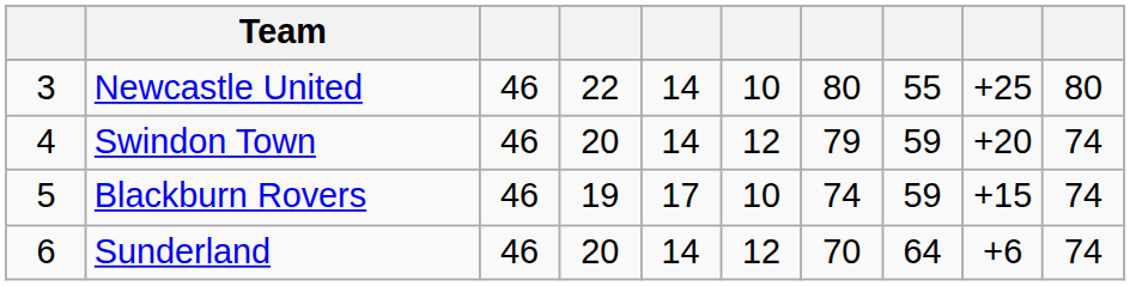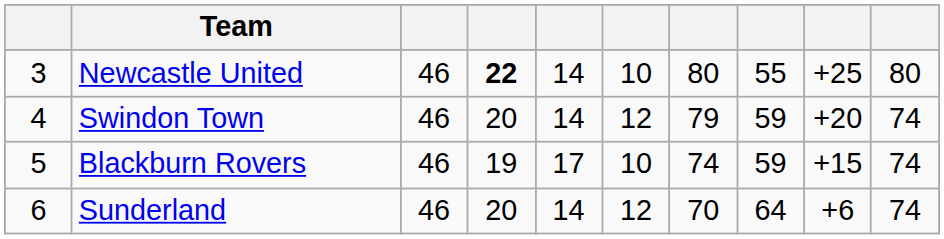 <table class="wikitable" style="text-align:center">
 <tr>
 <th width="30"></th>
 <th width="175">Team</th>
 <th width="30"></th>
 <th width="30"></th>
 <th width="30"></th>
 <th width="30"></th>
 <th width="30"></th>
 <th width="30"></th>
 <th width="30"></th>
 <th width="30"></th>
 </tr>
 <tr>
 <td>3</td>
 <td align=left><a href='#'>Newcastle United</a></td>
 <td>46</td>
-<td>22</td>
+<td><strong>22</strong></td>
 <td>14</td>
 <td>10</td>
 <td>80</td>
 <td>55</td>
 <td>+25</td>
 <td>80</td>
 </tr>
 <tr>
 <td>4</td>
 <td align=left><a href='#'>Swindon Town</a></td>
 <td>46</td>
 <td>20</td>
 <td>14</td>
 <td>12</td>
 <td>79</td>
 <td>59</td>
 <td>+20</td>
 <td>74</td>
 </tr>
 <tr>
 <td>5</td>
 <td align=left><a href='#'>Blackburn Rovers</a></td>
 <td>46</td>
 <td>19</td>
 <td>17</td>
 <td>10</td>
 <td>74</td>
 <td>59</td>
 <td>+15</td>
 <td>74</td>
 </tr>
 <tr>
 <td>6</td>
 <td align=left><a href='#'>Sunderland</a></td>
 <td>46</td>
 <td>20</td>
 <td>14</td>
 <td>12</td>
 <td>70</td>
 <td>64</td>
 <td>+6</td>
 <td>74</td>
 </tr>
 </table>
